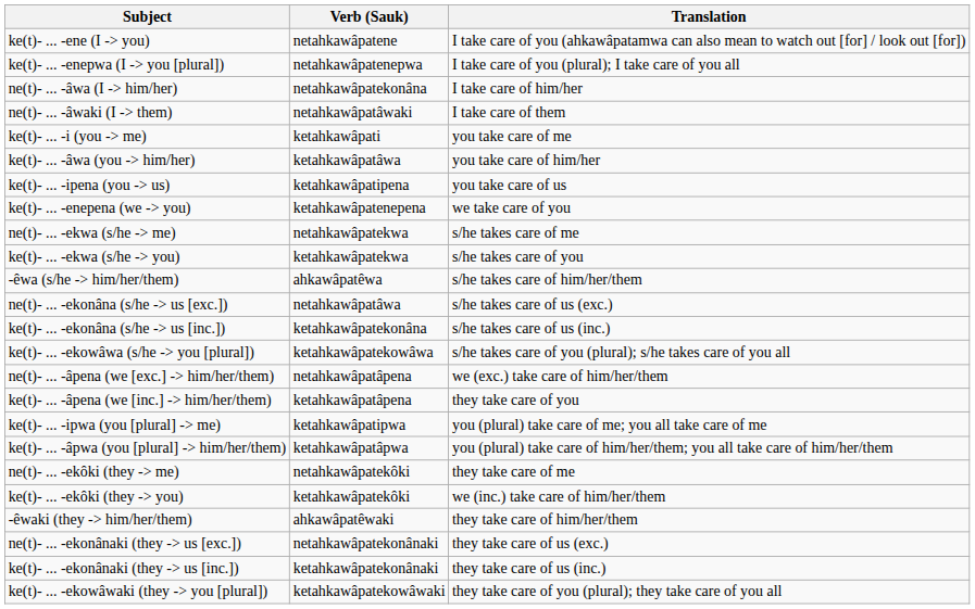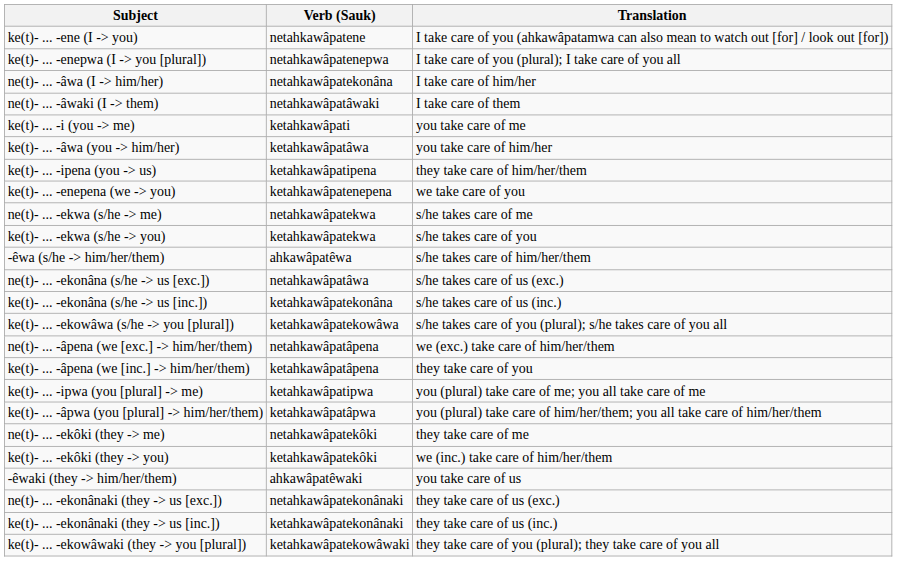 <table class="wikitable">
 <tr>
 <th>Subject</th>
 <th>Verb (Sauk)</th>
 <th>Translation</th>
 </tr>
 <tr>
 <td>ke(t)- ... -ene (I -> you)</td>
 <td>netahkawâpatene</td>
 <td>I take care of you (ahkawâpatamwa can also mean to watch out [for] / look out [for])</td>
 </tr>
 <tr>
 <td>ke(t)- ... -enepwa (I -> you [plural])</td>
 <td>netahkawâpatenepwa</td>
 <td>I take care of you (plural); I take care of you all</td>
 </tr>
 <tr>
 <td>ne(t)- ... -âwa (I -> him/her)</td>
 <td>netahkawâpatekonâna</td>
 <td>I take care of him/her</td>
 </tr>
 <tr>
 <td>ne(t)- ... -âwaki (I -> them)</td>
 <td>netahkawâpatâwaki</td>
 <td>I take care of them</td>
 </tr>
 <tr>
 <td>ke(t)- ... -i (you -> me)</td>
 <td>ketahkawâpati</td>
 <td>you take care of me</td>
 </tr>
 <tr>
 <td>ke(t)- ... -âwa (you -> him/her)</td>
 <td>ketahkawâpatâwa</td>
 <td>you take care of him/her</td>
 </tr>
 <tr>
 <td>ke(t)- ... -ipena (you -> us)</td>
 <td>ketahkawâpatipena</td>
-<td>you take care of us</td>
+<td>they take care of him/her/them</td>
 </tr>
 <tr>
 <td>ke(t)- ... -enepena (we -> you)</td>
 <td>ketahkawâpatenepena</td>
 <td>we take care of you</td>
 </tr>
 <tr>
 <td>ne(t)- ... -ekwa (s/he -> me)</td>
 <td>netahkawâpatekwa</td>
 <td>s/he takes care of me</td>
 </tr>
 <tr>
 <td>ke(t)- ... -ekwa (s/he -> you)</td>
 <td>ketahkawâpatekwa</td>
 <td>s/he takes care of you</td>
 </tr>
 <tr>
 <td>-êwa (s/he -> him/her/them)</td>
 <td>ahkawâpatêwa</td>
 <td>s/he takes care of him/her/them</td>
 </tr>
 <tr>
 <td>ne(t)- ... -ekonâna (s/he -> us [exc.])</td>
 <td>netahkawâpatâwa</td>
 <td>s/he takes care of us (exc.)</td>
 </tr>
 <tr>
 <td>ke(t)- ... -ekonâna (s/he -> us [inc.])</td>
 <td>ketahkawâpatekonâna</td>
 <td>s/he takes care of us (inc.)</td>
 </tr>
 <tr>
 <td>ke(t)- ... -ekowâwa (s/he -> you [plural])</td>
 <td>ketahkawâpatekowâwa</td>
 <td>s/he takes care of you (plural); s/he takes care of you all</td>
 </tr>
 <tr>
 <td>ne(t)- ... -âpena (we [exc.] -> him/her/them)</td>
 <td>netahkawâpatâpena</td>
 <td>we (exc.) take care of him/her/them</td>
 </tr>
 <tr>
 <td>ke(t)- ... -âpena (we [inc.] -> him/her/them)</td>
 <td>ketahkawâpatâpena</td>
 <td>they take care of you</td>
 </tr>
 <tr>
 <td>ke(t)- ... -ipwa (you [plural] -> me)</td>
 <td>ketahkawâpatipwa</td>
 <td>you (plural) take care of me; you all take care of me</td>
 </tr>
 <tr>
 <td>ke(t)- ... -âpwa (you [plural] -> him/her/them)</td>
 <td>ketahkawâpatâpwa</td>
 <td>you (plural) take care of him/her/them; you all take care of him/her/them</td>
 </tr>
 <tr>
 <td>ne(t)- ... -ekôki (they -> me)</td>
 <td>netahkawâpatekôki</td>
 <td>they take care of me</td>
 </tr>
 <tr>
 <td>ke(t)- ... -ekôki (they -> you)</td>
 <td>ketahkawâpatekôki</td>
 <td>we (inc.) take care of him/her/them</td>
 </tr>
 <tr>
 <td>-êwaki (they -> him/her/them)</td>
 <td>ahkawâpatêwaki</td>
-<td>they take care of him/her/them</td>
+<td>you take care of us</td>
 </tr>
 <tr>
 <td>ne(t)- ... -ekonânaki (they -> us [exc.])</td>
 <td>netahkawâpatekonânaki</td>
 <td>they take care of us (exc.)</td>
 </tr>
 <tr>
 <td>ke(t)- ... -ekonânaki (they -> us [inc.])</td>
 <td>ketahkawâpatekonânaki</td>
 <td>they take care of us (inc.)</td>
 </tr>
 <tr>
 <td>ke(t)- ... -ekowâwaki (they -> you [plural])</td>
 <td>ketahkawâpatekowâwaki</td>
 <td>they take care of you (plural); they take care of you all</td>
 </tr>
 </table>
